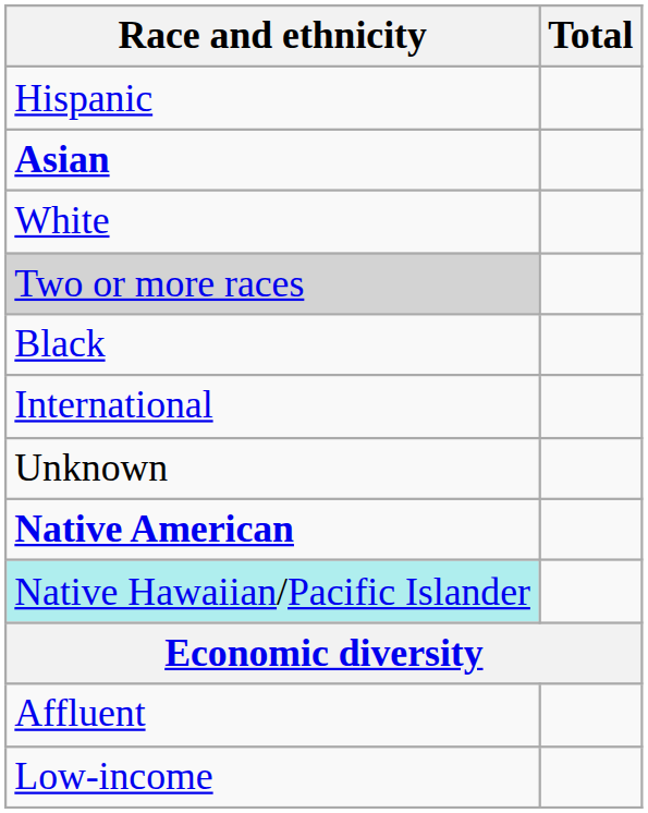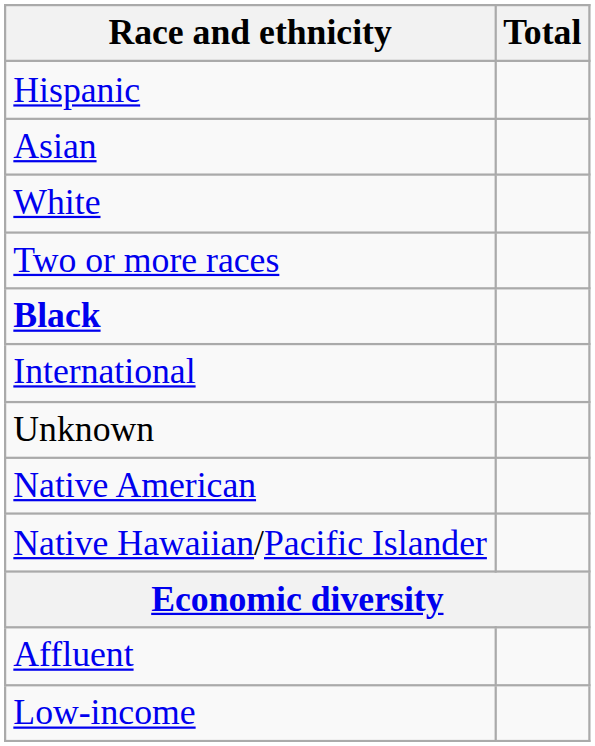 <table class="wikitable floatright sortable collapsible"; text-align:right; font-size:80%;">
 <tr>
 <th>Race and ethnicity</th>
 <th colspan="2" data-sort-type=number>Total</th>
 </tr>
 <tr>
 <td><a href='#'>Hispanic</a></td>
 <td align=right></td>
 </tr>
 <tr>
-<td><strong><a href='#'>Asian</a></strong></td>
+<td><a href='#'>Asian</a></td>
 <td align=right></td>
 </tr>
 <tr>
 <td><a href='#'>White</a></td>
 <td align=right></td>
 </tr>
 <tr>
-<td style="background: lightgrey;"><a href='#'>Two or more races</a></td>
+<td><a href='#'>Two or more races</a></td>
 <td align=right></td>
 </tr>
 <tr>
-<td><a href='#'>Black</a></td>
+<td><strong><a href='#'>Black</a></strong></td>
 <td align=right></td>
 </tr>
 <tr>
 <td><a href='#'>International</a></td>
 <td align=right></td>
 </tr>
 <tr>
 <td>Unknown</td>
 <td align=right></td>
 </tr>
 <tr>
-<td><strong><a href='#'>Native American</a></strong></td>
+<td><a href='#'>Native American</a></td>
 <td align=right></td>
 </tr>
 <tr>
-<td style="background: paleturquoise;"><a href='#'>Native Hawaiian</a>/<a href='#'>Pacific Islander</a></td>
+<td><a href='#'>Native Hawaiian</a>/<a href='#'>Pacific Islander</a></td>
 <td align=right></td>
 </tr>
 <tr>
 <th colspan="4" data-sort-type=number><a href='#'>Economic diversity</a></th>
 </tr>
 <tr>
 <td><a href='#'>Affluent</a></td>
 <td align=right></td>
 </tr>
 <tr>
 <td><a href='#'>Low-income</a></td>
 <td align=right></td>
 </tr>
 </table>
